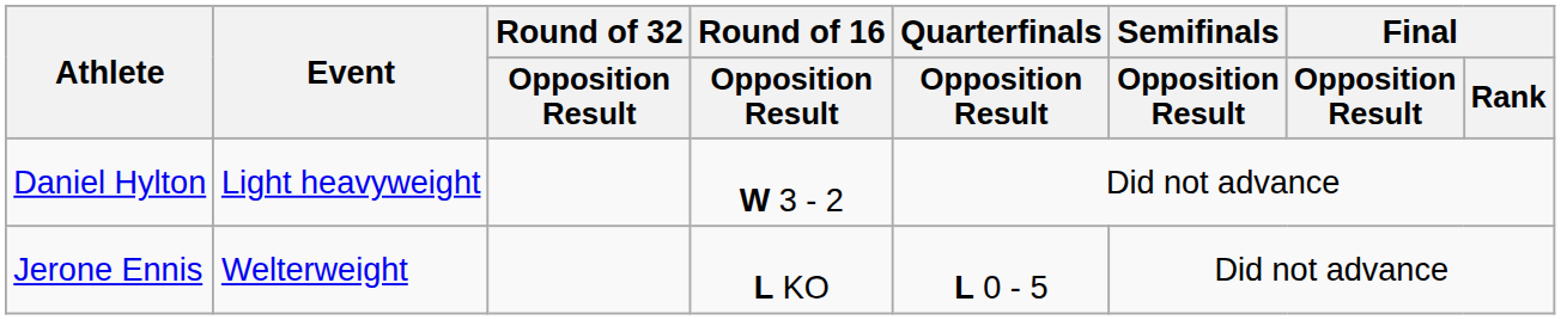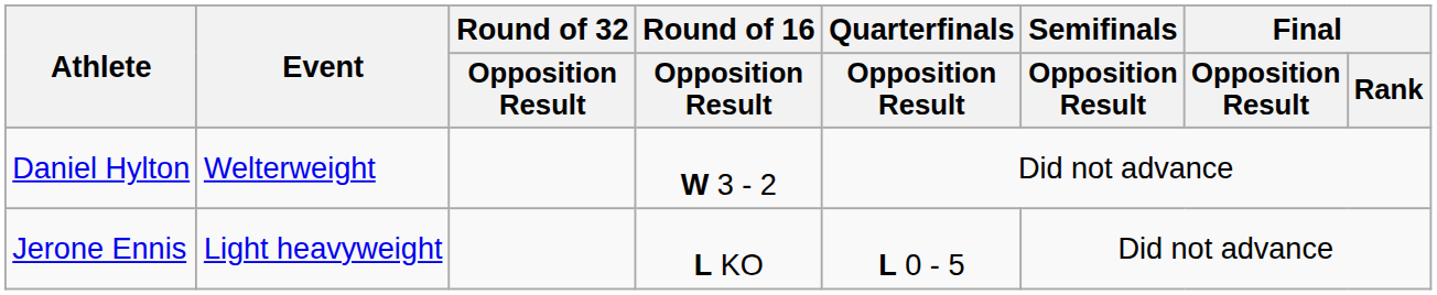 <table class="wikitable" style="font-size:90%; text-align:center">
 <tr>
 <th rowspan=2>Athlete</th>
 <th rowspan=2>Event</th>
 <th>Round of 32</th>
 <th>Round of 16</th>
 <th>Quarterfinals</th>
 <th>Semifinals</th>
 <th colspan=2>Final</th>
 </tr>
 <tr style="font-size:95%">
 <th>Opposition<br>Result</th>
 <th>Opposition<br>Result</th>
 <th>Opposition<br>Result</th>
 <th>Opposition<br>Result</th>
 <th>Opposition<br>Result</th>
 <th>Rank</th>
 </tr>
 <tr>
 <td align=left><a href='#'>Daniel Hylton</a></td>
-<td align=left><a href='#'>Light heavyweight</a></td>
+<td align=left><a href='#'>Welterweight</a></td>
 <td></td>
 <td><br><strong>W</strong> 3 - 2</td>
 <td colspan=4>Did not advance</td>
 </tr>
 <tr>
 <td align=left><a href='#'>Jerone Ennis</a></td>
-<td align=left><a href='#'>Welterweight</a></td>
+<td align=left><a href='#'>Light heavyweight</a></td>
 <td></td>
 <td><br><strong>L</strong> KO</td>
 <td><br><strong>L</strong> 0 - 5</td>
 <td colspan=3>Did not advance</td>
 </tr>
 </table>
